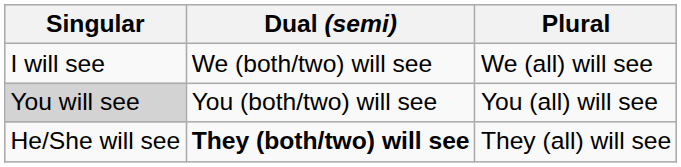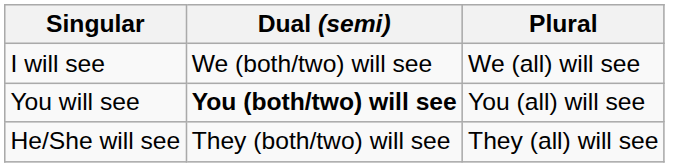 <table class="wikitable">
 <tr>
 <th>Singular</th>
 <th>Dual <em>(semi)</em></th>
 <th>Plural</th>
 </tr>
 <tr>
 <td>I will see</td>
 <td>We (both/two) will see</td>
 <td>We (all) will see</td>
 </tr>
 <tr>
-<td style="background: lightgrey;">You will see</td>
-<td>You (both/two) will see</td>
+<td>You will see</td>
+<td><strong>You (both/two) will see</strong></td>
 <td>You (all) will see</td>
 </tr>
 <tr>
 <td>He/She will see</td>
-<td><strong>They (both/two) will see</strong></td>
+<td>They (both/two) will see</td>
 <td>They (all) will see</td>
 </tr>
 </table>
